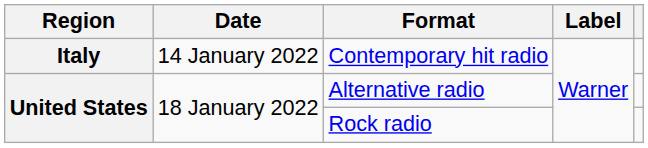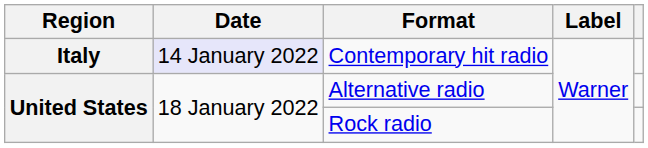 <table class="wikitable plainrowheaders">
 <tr>
 <th scope="col">Region</th>
 <th scope="col">Date</th>
 <th scope="col">Format</th>
 <th scope="col">Label</th>
 <th scope="col"></th>
 </tr>
 <tr>
 <th scope="row">Italy</th>
-<td>14 January 2022</td>
+<td style="background: lavender;">14 January 2022</td>
 <td><a href='#'>Contemporary hit radio</a></td>
 <td rowspan="3"><a href='#'>Warner</a></td>
 <td></td>
 </tr>
 <tr>
 <th scope="row" rowspan="2">United States</th>
 <td rowspan="2">18 January 2022</td>
 <td><a href='#'>Alternative radio</a></td>
 <td></td>
 </tr>
 <tr>
 <td><a href='#'>Rock radio</a></td>
 <td></td>
 </tr>
 </table>
